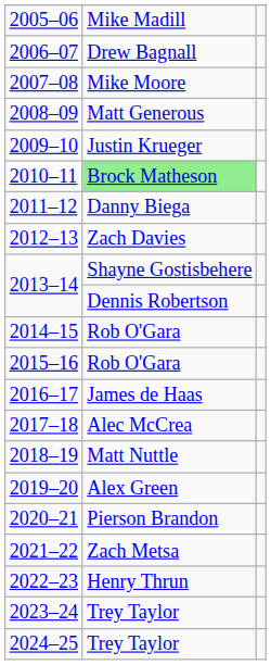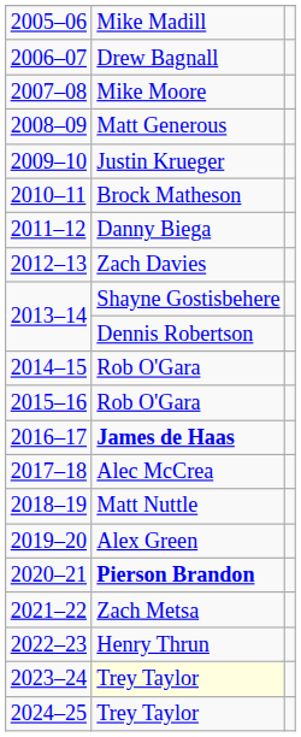 <table class="wikitable sortable">
 <tr>
 </tr>
 <tr>
 <td><a href='#'>2005–06</a></td>
 <td><a href='#'>Mike Madill</a></td>
 <td><strong><a href='#'></a></strong></td>
 </tr>
 <tr>
 <td><a href='#'>2006–07</a></td>
 <td><a href='#'>Drew Bagnall</a></td>
 <td><strong><a href='#'></a></strong></td>
 </tr>
 <tr>
 <td><a href='#'>2007–08</a></td>
 <td><a href='#'>Mike Moore</a></td>
 <td><strong><a href='#'></a></strong></td>
 </tr>
 <tr>
 <td><a href='#'>2008–09</a></td>
 <td><a href='#'>Matt Generous</a></td>
 <td><strong><a href='#'></a></strong></td>
 </tr>
 <tr>
 <td><a href='#'>2009–10</a></td>
 <td><a href='#'>Justin Krueger</a></td>
 <td><strong><a href='#'></a></strong></td>
 </tr>
 <tr>
 <td><a href='#'>2010–11</a></td>
-<td style="background: lightgreen;"><a href='#'>Brock Matheson</a></td>
+<td><a href='#'>Brock Matheson</a></td>
 <td><strong><a href='#'></a></strong></td>
 </tr>
 <tr>
 <td><a href='#'>2011–12</a></td>
 <td><a href='#'>Danny Biega</a></td>
 <td><strong><a href='#'></a></strong></td>
 </tr>
 <tr>
 <td><a href='#'>2012–13</a></td>
 <td><a href='#'>Zach Davies</a></td>
 <td><strong><a href='#'></a></strong></td>
 </tr>
 <tr>
 <td rowspan=2><a href='#'>2013–14</a></td>
 <td><a href='#'>Shayne Gostisbehere</a></td>
 <td><strong><a href='#'></a></strong></td>
 </tr>
 <tr>
 <td><a href='#'>Dennis Robertson</a></td>
 <td><strong><a href='#'></a></strong></td>
 </tr>
 <tr>
 <td><a href='#'>2014–15</a></td>
 <td><a href='#'>Rob O'Gara</a></td>
 <td><strong><a href='#'></a></strong></td>
 </tr>
 <tr>
 <td><a href='#'>2015–16</a></td>
 <td><a href='#'>Rob O'Gara</a></td>
 <td><strong><a href='#'></a></strong></td>
 </tr>
 <tr>
 <td><a href='#'>2016–17</a></td>
-<td><a href='#'>James de Haas</a></td>
+<td><strong><a href='#'>James de Haas</a></strong></td>
 <td><strong><a href='#'></a></strong></td>
 </tr>
 <tr>
 <td><a href='#'>2017–18</a></td>
 <td><a href='#'>Alec McCrea</a></td>
 <td><strong><a href='#'></a></strong></td>
 </tr>
 <tr>
 <td><a href='#'>2018–19</a></td>
 <td><a href='#'>Matt Nuttle</a></td>
 <td><strong><a href='#'></a></strong></td>
 </tr>
 <tr>
 <td><a href='#'>2019–20</a></td>
 <td><a href='#'>Alex Green</a></td>
 <td><strong><a href='#'></a></strong></td>
 </tr>
 <tr>
 <td><a href='#'>2020–21</a></td>
-<td><a href='#'>Pierson Brandon</a></td>
+<td><strong><a href='#'>Pierson Brandon</a></strong></td>
 <td><strong><a href='#'></a></strong></td>
 </tr>
 <tr>
 <td><a href='#'>2021–22</a></td>
 <td><a href='#'>Zach Metsa</a></td>
 <td><strong><a href='#'></a></strong></td>
 </tr>
 <tr>
 <td><a href='#'>2022–23</a></td>
 <td><a href='#'>Henry Thrun</a></td>
 <td><strong><a href='#'></a></strong></td>
 </tr>
 <tr>
 <td><a href='#'>2023–24</a></td>
-<td><a href='#'>Trey Taylor</a></td>
+<td style="background: lightyellow;"><a href='#'>Trey Taylor</a></td>
 <td><strong><a href='#'></a></strong></td>
 </tr>
 <tr>
 <td><a href='#'>2024–25</a></td>
 <td><a href='#'>Trey Taylor</a></td>
 <td><strong><a href='#'></a></strong></td>
 </tr>
 </table>
